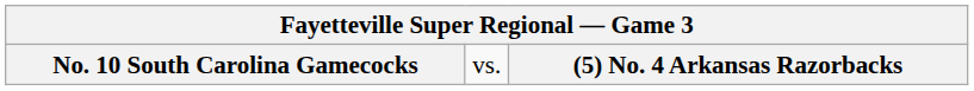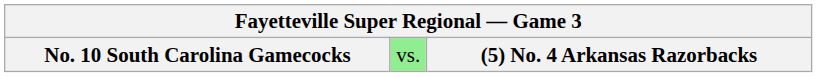 <table class="wikitable">
 <tr>
 <th style="width: 595px;" colspan=3>Fayetteville Super Regional — Game 3</th>
 </tr>
 <tr>
 <th style="width: 287px; ">No. 10 South Carolina Gamecocks</th>
-<td style="width: 20px; text-align:center">vs.</td>
+<td style="background: lightgreen; width: 20px; text-align:center">vs.</td>
 <th style="width: 287px; ">(5) No. 4 Arkansas Razorbacks</th>
 </tr>
 </table>
